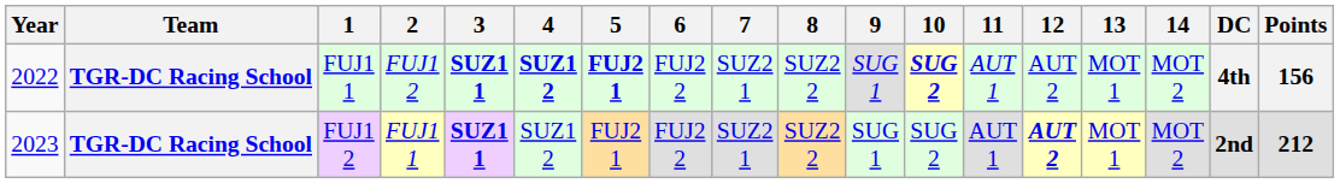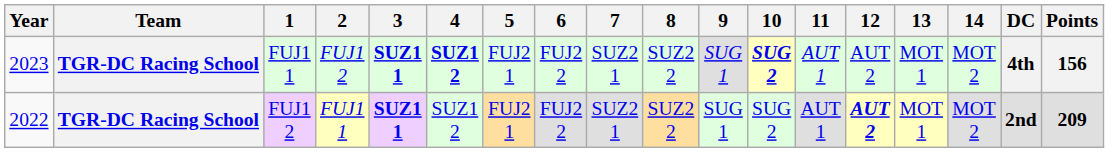 <table class="wikitable" style="text-align:center; font-size:85%">
 <tr>
 <th>Year</th>
 <th>Team</th>
 <th>1</th>
 <th>2</th>
 <th>3</th>
 <th>4</th>
 <th>5</th>
 <th>6</th>
 <th>7</th>
 <th>8</th>
 <th>9</th>
 <th>10</th>
 <th>11</th>
 <th>12</th>
 <th>13</th>
 <th>14</th>
 <th>DC</th>
 <th>Points</th>
 </tr>
 <tr>
-<td><a href='#'>2022</a></td>
+<td><a href='#'>2023</a></td>
 <th nowrap><a href='#'>TGR-DC Racing School</a></th>
 <td style="background:#dfffdf"><a href='#'>FUJ1<br>1</a><br></td>
 <td style="background:#dfffdf"><em><a href='#'>FUJ1<br>2</a></em><br></td>
 <td style="background:#dfffdf"><strong><a href='#'>SUZ1<br>1</a></strong><br></td>
 <td style="background:#dfffdf"><strong><a href='#'>SUZ1<br>2</a><br></strong></td>
-<td style="background:#dfffdf"><strong><a href='#'>FUJ2<br>1</a> <br></strong></td>
+<td style="background:#dfffdf"><a href='#'>FUJ2<br>1</a> <br></td>
 <td style="background:#dfffdf"><a href='#'>FUJ2<br>2</a> <br></td>
 <td style="background:#dfffdf"><a href='#'>SUZ2<br>1</a><br></td>
 <td style="background:#dfffdf"><a href='#'>SUZ2<br>2</a><br></td>
 <td style="background:#dfdfdf"><em><a href='#'>SUG<br>1</a></em><br></td>
 <td style="background:#ffffbf"><strong><em><a href='#'>SUG<br>2</a></em></strong><br></td>
 <td style="background:#dfffdf"><em><a href='#'>AUT<br>1</a></em><br></td>
 <td style="background:#dfffdf"><a href='#'>AUT<br>2</a><br></td>
 <td style="background:#dfffdf"><a href='#'>MOT<br>1</a><br></td>
 <td style="background:#dfffdf"><a href='#'>MOT<br>2</a><br></td>
 <th>4th</th>
 <th>156</th>
 </tr>
 <tr>
-<td><a href='#'>2023</a></td>
+<td><a href='#'>2022</a></td>
 <th nowrap><a href='#'>TGR-DC Racing School</a></th>
 <td style="background:#efcfff"><a href='#'>FUJ1<br>2</a><br></td>
 <td style="background:#ffffbf"><em><a href='#'>FUJ1<br>1</a></em><br></td>
 <td style="background:#efcfff"><strong><a href='#'>SUZ1<br>1</a></strong><br></td>
 <td style="background:#dfffdf"><a href='#'>SUZ1<br>2</a><br></td>
 <td style="background:#ffdf9f"><a href='#'>FUJ2<br>1</a> <br></td>
 <td style="background:#dfdfdf"><a href='#'>FUJ2<br>2</a> <br></td>
 <td style="background:#dfdfdf"><a href='#'>SUZ2<br>1</a><br></td>
 <td style="background:#ffdf9f"><a href='#'>SUZ2<br>2</a><br></td>
 <td style="background:#dfffdf"><a href='#'>SUG<br>1</a><br></td>
 <td style="background:#dfffdf"><a href='#'>SUG<br>2</a><br></td>
 <td style="background:#dfdfdf"><a href='#'>AUT<br>1</a><br></td>
 <td style="background:#ffffbf"><strong><em><a href='#'>AUT<br>2</a></em></strong><br></td>
 <td style="background:#ffffbf"><a href='#'>MOT<br>1</a><br></td>
 <td style="background:#dfdfdf"><a href='#'>MOT<br>2</a><br></td>
 <th style="background:#dfdfdf">2nd</th>
-<th style="background:#dfdfdf">212</th>
+<th style="background:#dfdfdf">209</th>
 </tr>
 </table>
